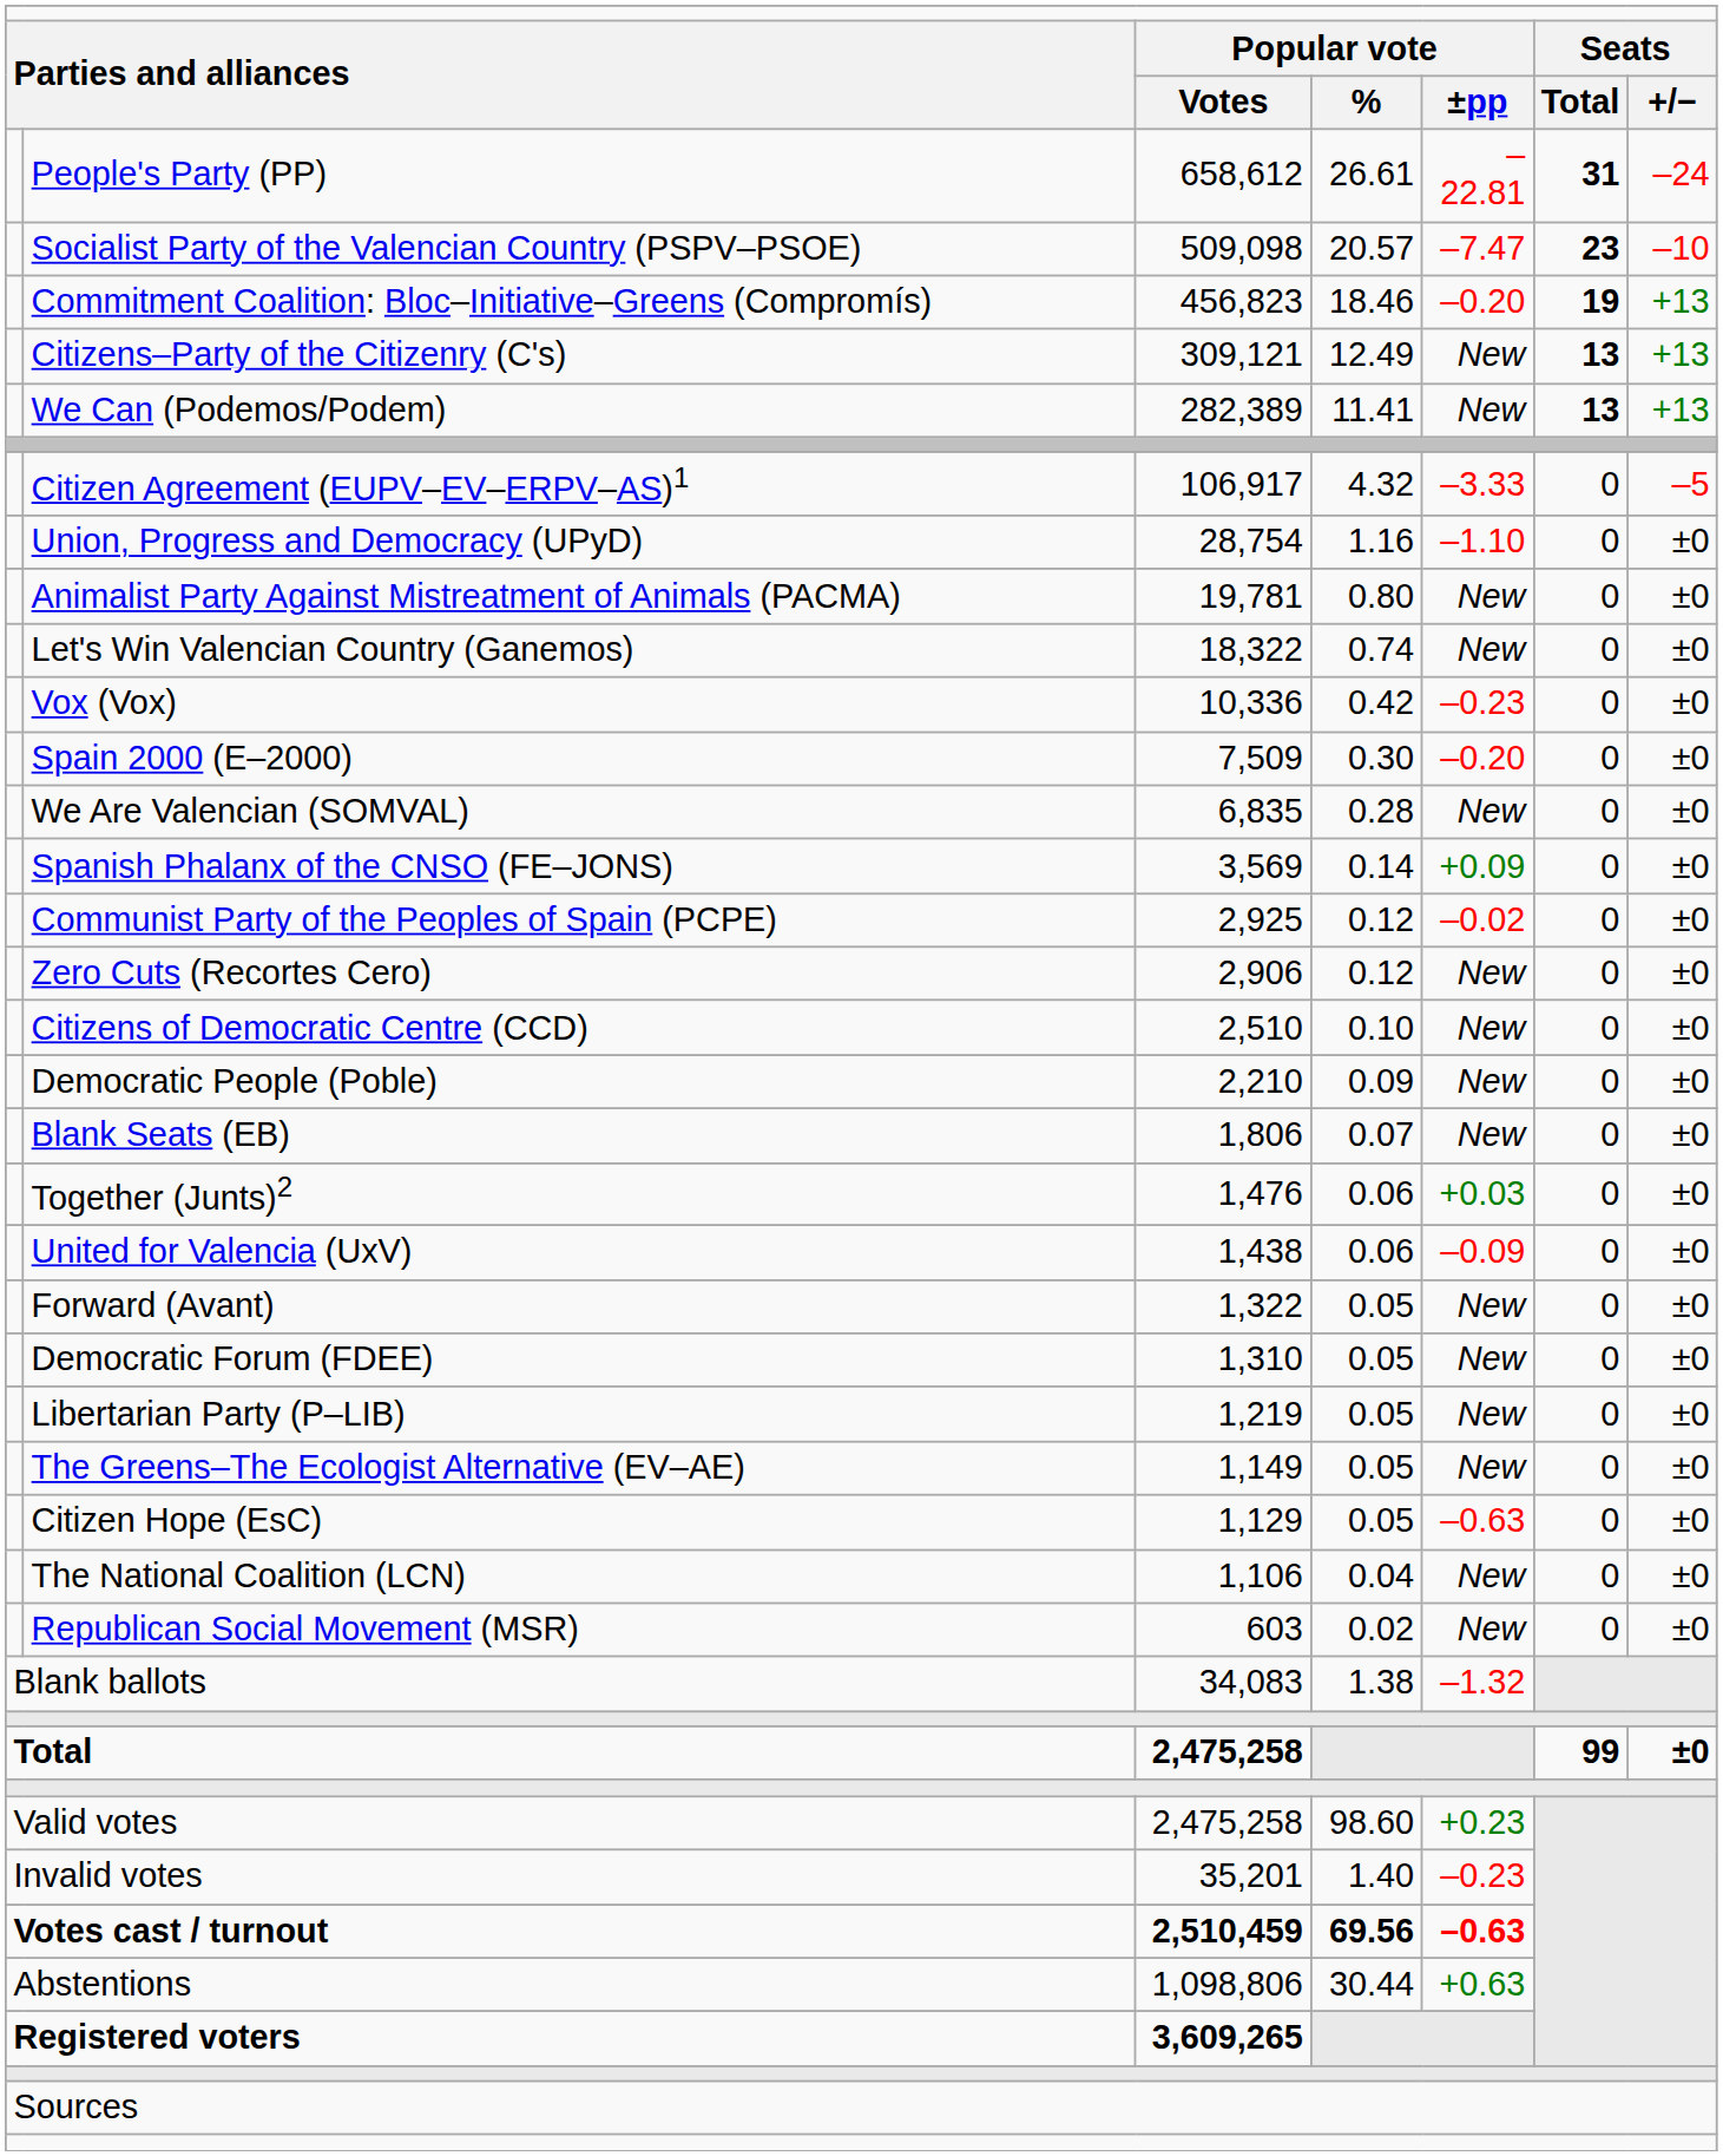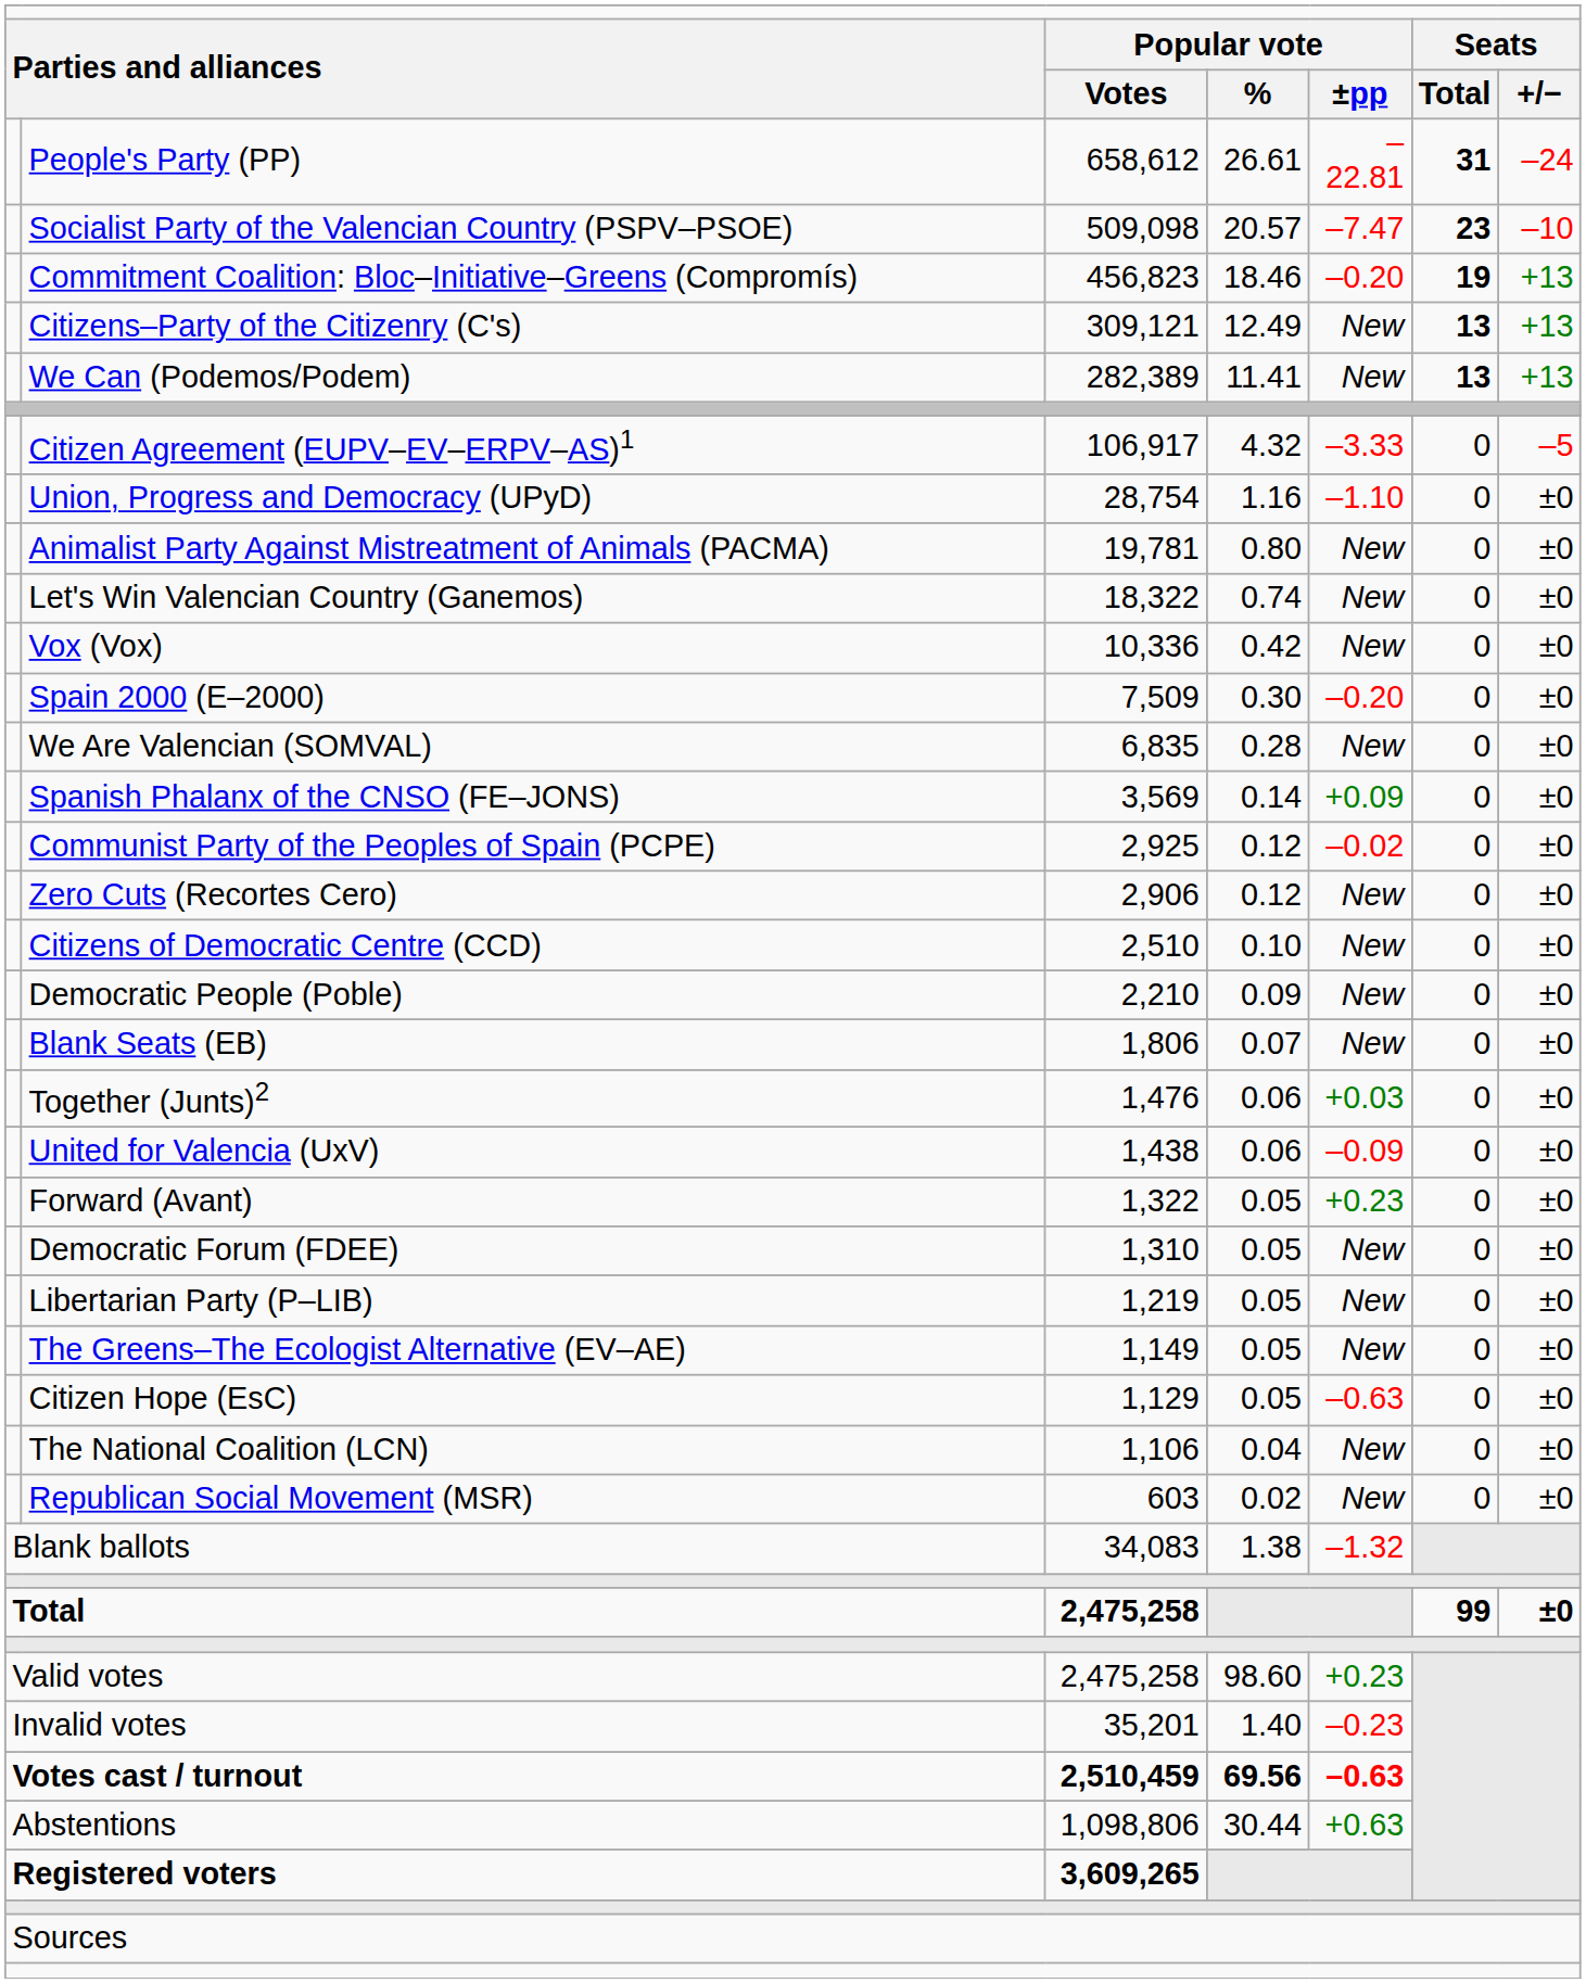 <table class="wikitable" style="text-align:right;">
 <tr>
 <td colspan="7"></td>
 </tr>
 <tr>
 <th style="text-align:left;" rowspan="2" colspan="2" width="525">Parties and alliances</th>
 <th colspan="3">Popular vote</th>
 <th colspan="2">Seats</th>
 </tr>
 <tr>
 <th width="75">Votes</th>
 <th width="45">%</th>
 <th width="45">±<a href='#'>pp</a></th>
 <th width="35">Total</th>
 <th width="35">+/−</th>
 </tr>
 <tr>
 <td width="1" style="color:inherit;background:"></td>
 <td align="left"><a href='#'>People's Party</a> (PP)</td>
 <td>658,612</td>
 <td>26.61</td>
 <td style="color:red;">–22.81</td>
 <td><strong>31</strong></td>
 <td style="color:red;">–24</td>
 </tr>
 <tr>
 <td style="color:inherit;background:"></td>
 <td align="left"><a href='#'>Socialist Party of the Valencian Country</a> (PSPV–PSOE)</td>
 <td>509,098</td>
 <td>20.57</td>
 <td style="color:red;">–7.47</td>
 <td><strong>23</strong></td>
 <td style="color:red;">–10</td>
 </tr>
 <tr>
 <td style="color:inherit;background:"></td>
 <td align="left"><a href='#'>Commitment Coalition</a>: <a href='#'>Bloc</a>–<a href='#'>Initiative</a>–<a href='#'>Greens</a> (Compromís)</td>
 <td>456,823</td>
 <td>18.46</td>
 <td style="color:red;">–0.20</td>
 <td><strong>19</strong></td>
 <td style="color:green;">+13</td>
 </tr>
 <tr>
 <td style="color:inherit;background:"></td>
 <td align="left"><a href='#'>Citizens–Party of the Citizenry</a> (C's)</td>
 <td>309,121</td>
 <td>12.49</td>
 <td><em>New</em></td>
 <td><strong>13</strong></td>
 <td style="color:green;">+13</td>
 </tr>
 <tr>
 <td style="color:inherit;background:"></td>
 <td align="left"><a href='#'>We Can</a> (Podemos/Podem)</td>
 <td>282,389</td>
 <td>11.41</td>
 <td><em>New</em></td>
 <td><strong>13</strong></td>
 <td style="color:green;">+13</td>
 </tr>
 <tr>
 <td colspan="7" bgcolor="#C0C0C0"></td>
 </tr>
 <tr>
 <td style="color:inherit;background:"></td>
 <td align="left"><a href='#'>Citizen Agreement</a> (<a href='#'>EUPV</a>–<a href='#'>EV</a>–<a href='#'>ERPV</a>–<a href='#'>AS</a>)<sup>1</sup></td>
 <td>106,917</td>
 <td>4.32</td>
 <td style="color:red;">–3.33</td>
 <td>0</td>
 <td style="color:red;">–5</td>
 </tr>
 <tr>
 <td style="color:inherit;background:"></td>
 <td align="left"><a href='#'>Union, Progress and Democracy</a> (UPyD)</td>
 <td>28,754</td>
 <td>1.16</td>
 <td style="color:red;">–1.10</td>
 <td>0</td>
 <td>±0</td>
 </tr>
 <tr>
 <td style="color:inherit;background:"></td>
 <td align="left"><a href='#'>Animalist Party Against Mistreatment of Animals</a> (PACMA)</td>
 <td>19,781</td>
 <td>0.80</td>
 <td><em>New</em></td>
 <td>0</td>
 <td>±0</td>
 </tr>
 <tr>
 <td style="color:inherit;background:"></td>
 <td align="left">Let's Win Valencian Country (Ganemos)</td>
 <td>18,322</td>
 <td>0.74</td>
 <td><em>New</em></td>
 <td>0</td>
 <td>±0</td>
 </tr>
 <tr>
 <td style="color:inherit;background:"></td>
 <td align="left"><a href='#'>Vox</a> (Vox)</td>
 <td>10,336</td>
 <td>0.42</td>
-<td style="color:red;">–0.23</td>
+<td><em>New</em></td>
 <td>0</td>
 <td>±0</td>
 </tr>
 <tr>
 <td style="color:inherit;background:"></td>
 <td align="left"><a href='#'>Spain 2000</a> (E–2000)</td>
 <td>7,509</td>
 <td>0.30</td>
 <td style="color:red;">–0.20</td>
 <td>0</td>
 <td>±0</td>
 </tr>
 <tr>
 <td style="color:inherit;background:"></td>
 <td align="left">We Are Valencian (SOMVAL)</td>
 <td>6,835</td>
 <td>0.28</td>
 <td><em>New</em></td>
 <td>0</td>
 <td>±0</td>
 </tr>
 <tr>
 <td style="color:inherit;background:"></td>
 <td align="left"><a href='#'>Spanish Phalanx of the CNSO</a> (FE–JONS)</td>
 <td>3,569</td>
 <td>0.14</td>
 <td style="color:green;">+0.09</td>
 <td>0</td>
 <td>±0</td>
 </tr>
 <tr>
 <td style="color:inherit;background:"></td>
 <td align="left"><a href='#'>Communist Party of the Peoples of Spain</a> (PCPE)</td>
 <td>2,925</td>
 <td>0.12</td>
 <td style="color:red;">–0.02</td>
 <td>0</td>
 <td>±0</td>
 </tr>
 <tr>
 <td style="color:inherit;background:"></td>
 <td align="left"><a href='#'>Zero Cuts</a> (Recortes Cero)</td>
 <td>2,906</td>
 <td>0.12</td>
 <td><em>New</em></td>
 <td>0</td>
 <td>±0</td>
 </tr>
 <tr>
 <td style="color:inherit;background:"></td>
 <td align="left"><a href='#'>Citizens of Democratic Centre</a> (CCD)</td>
 <td>2,510</td>
 <td>0.10</td>
 <td><em>New</em></td>
 <td>0</td>
 <td>±0</td>
 </tr>
 <tr>
 <td style="color:inherit;background:"></td>
 <td align="left">Democratic People (Poble)</td>
 <td>2,210</td>
 <td>0.09</td>
 <td><em>New</em></td>
 <td>0</td>
 <td>±0</td>
 </tr>
 <tr>
 <td style="color:inherit;background:"></td>
 <td align="left"><a href='#'>Blank Seats</a> (EB)</td>
 <td>1,806</td>
 <td>0.07</td>
 <td><em>New</em></td>
 <td>0</td>
 <td>±0</td>
 </tr>
 <tr>
 <td style="color:inherit;background:"></td>
 <td align="left">Together (Junts)<sup>2</sup></td>
 <td>1,476</td>
 <td>0.06</td>
 <td style="color:green;">+0.03</td>
 <td>0</td>
 <td>±0</td>
 </tr>
 <tr>
 <td style="color:inherit;background:"></td>
 <td align="left"><a href='#'>United for Valencia</a> (UxV)</td>
 <td>1,438</td>
 <td>0.06</td>
 <td style="color:red;">–0.09</td>
 <td>0</td>
 <td>±0</td>
 </tr>
 <tr>
 <td style="color:inherit;background:"></td>
 <td align="left">Forward (Avant)</td>
 <td>1,322</td>
 <td>0.05</td>
-<td><em>New</em></td>
+<td style="color:green;">+0.23</td>
 <td>0</td>
 <td>±0</td>
 </tr>
 <tr>
 <td style="color:inherit;background:"></td>
 <td align="left">Democratic Forum (FDEE)</td>
 <td>1,310</td>
 <td>0.05</td>
 <td><em>New</em></td>
 <td>0</td>
 <td>±0</td>
 </tr>
 <tr>
 <td style="color:inherit;background:"></td>
 <td align="left">Libertarian Party (P–LIB)</td>
 <td>1,219</td>
 <td>0.05</td>
 <td><em>New</em></td>
 <td>0</td>
 <td>±0</td>
 </tr>
 <tr>
 <td style="color:inherit;background:"></td>
 <td align="left"><a href='#'>The Greens–The Ecologist Alternative</a> (EV–AE)</td>
 <td>1,149</td>
 <td>0.05</td>
 <td><em>New</em></td>
 <td>0</td>
 <td>±0</td>
 </tr>
 <tr>
 <td style="color:inherit;background:"></td>
 <td align="left">Citizen Hope (EsC)</td>
 <td>1,129</td>
 <td>0.05</td>
 <td style="color:red;">–0.63</td>
 <td>0</td>
 <td>±0</td>
 </tr>
 <tr>
 <td style="color:inherit;background:"></td>
 <td align="left">The National Coalition (LCN)</td>
 <td>1,106</td>
 <td>0.04</td>
 <td><em>New</em></td>
 <td>0</td>
 <td>±0</td>
 </tr>
 <tr>
 <td style="color:inherit;background:"></td>
 <td align="left"><a href='#'>Republican Social Movement</a> (MSR)</td>
 <td>603</td>
 <td>0.02</td>
 <td><em>New</em></td>
 <td>0</td>
 <td>±0</td>
 </tr>
 <tr>
 <td align="left" colspan="2">Blank ballots</td>
 <td>34,083</td>
 <td>1.38</td>
 <td style="color:red;">–1.32</td>
 <td bgcolor="#E9E9E9" colspan="2"></td>
 </tr>
 <tr>
 <td colspan="7" bgcolor="#E9E9E9"></td>
 </tr>
 <tr style="font-weight:bold;">
 <td align="left" colspan="2">Total</td>
 <td>2,475,258</td>
 <td bgcolor="#E9E9E9" colspan="2"></td>
 <td>99</td>
 <td>±0</td>
 </tr>
 <tr>
 <td colspan="7" bgcolor="#E9E9E9"></td>
 </tr>
 <tr>
 <td align="left" colspan="2">Valid votes</td>
 <td>2,475,258</td>
 <td>98.60</td>
 <td style="color:green;">+0.23</td>
 <td bgcolor="#E9E9E9" colspan="2" rowspan="5"></td>
 </tr>
 <tr>
 <td align="left" colspan="2">Invalid votes</td>
 <td>35,201</td>
 <td>1.40</td>
 <td style="color:red;">–0.23</td>
 </tr>
 <tr style="font-weight:bold;">
 <td align="left" colspan="2">Votes cast / turnout</td>
 <td>2,510,459</td>
 <td>69.56</td>
 <td style="color:red;">–0.63</td>
 </tr>
 <tr>
 <td align="left" colspan="2">Abstentions</td>
 <td>1,098,806</td>
 <td>30.44</td>
 <td style="color:green;">+0.63</td>
 </tr>
 <tr style="font-weight:bold;">
 <td align="left" colspan="2">Registered voters</td>
 <td>3,609,265</td>
 <td bgcolor="#E9E9E9" colspan="2"></td>
 </tr>
 <tr>
 <td colspan="7" bgcolor="#E9E9E9"></td>
 </tr>
 <tr>
 <td align="left" colspan="7">Sources</td>
 </tr>
 <tr>
 <td colspan="7" style="text-align:left; max-width:790px;"></td>
 </tr>
 </table>
